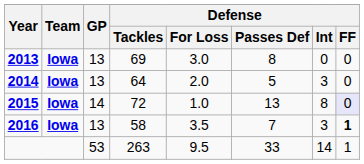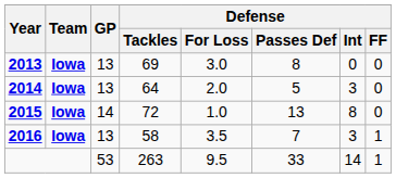 <table class="wikitable" style="text-align:center;">
 <tr>
 </tr>
 <tr>
 <th rowspan="2">Year</th>
 <th rowspan="2">Team</th>
 <th rowspan="2">GP</th>
 <th colspan="5">Defense</th>
 </tr>
 <tr>
 <th>Tackles</th>
 <th>For Loss</th>
 <th>Passes Def</th>
 <th>Int</th>
 <th>FF</th>
 </tr>
 <tr>
 <td><a href='#'><strong>2013</strong></a></td>
 <td><a href='#'><strong>Iowa</strong></a></td>
 <td>13</td>
 <td>69</td>
 <td>3.0</td>
 <td>8</td>
 <td>0</td>
 <td>0</td>
 </tr>
 <tr>
 <td><a href='#'><strong>2014</strong></a></td>
 <td><a href='#'><strong>Iowa</strong></a></td>
 <td>13</td>
 <td>64</td>
 <td>2.0</td>
 <td>5</td>
 <td>3</td>
 <td>0</td>
 </tr>
 <tr>
 <td><a href='#'><strong>2015</strong></a></td>
 <td><a href='#'><strong>Iowa</strong></a></td>
 <td>14</td>
 <td>72</td>
 <td>1.0</td>
 <td>13</td>
 <td>8</td>
-<td style="background: lavender;">0</td>
+<td>0</td>
 </tr>
 <tr>
 <td><a href='#'><strong>2016</strong></a></td>
 <td><a href='#'><strong>Iowa</strong></a></td>
 <td>13</td>
 <td>58</td>
 <td>3.5</td>
 <td>7</td>
 <td>3</td>
-<td><strong>1</strong></td>
+<td>1</td>
 </tr>
 <tr>
 <td colspan=2></td>
 <td>53</td>
 <td>263</td>
 <td>9.5</td>
 <td>33</td>
 <td>14</td>
 <td>1</td>
 </tr>
 </table>
